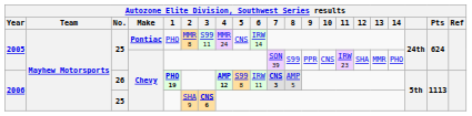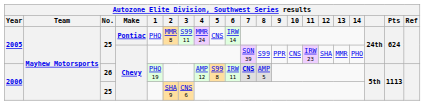 <table class="wikitable" style="text-align:center; font-size:75%">
 <tr>
 <th colspan=23><a href='#'>Autozone Elite Division, Southwest Series</a> results</th>
 </tr>
 <tr>
 <th>Year</th>
 <th>Team</th>
 <th>No.</th>
 <th>Make</th>
 <th>1</th>
 <th>2</th>
 <th>3</th>
 <th>4</th>
 <th>5</th>
 <th>6</th>
 <th>7</th>
 <th>8</th>
 <th>9</th>
 <th>10</th>
 <th>11</th>
 <th>12</th>
 <th>13</th>
 <th>14</th>
 <th></th>
 <th>Pts</th>
 <th>Ref</th>
 </tr>
 <tr>
 <th rowspan=2><a href='#'>2005</a></th>
 <th rowspan=4><a href='#'>Mayhew Motorsports</a></th>
 <th rowspan=2>25</th>
 <th><a href='#'>Pontiac</a></th>
 <td><a href='#'>PHO</a></td>
 <td style="background:#FFDF9F;"><a href='#'>MMR</a><br><small>8</small></td>
 <td style="background:#DFFFDF;"><a href='#'>S99</a><br><small>11</small></td>
 <td style="background:#EFCFFF;"><a href='#'>MMR</a><br><small>24</small></td>
 <td><a href='#'>CNS</a></td>
 <td style="background:#DFFFDF;"><a href='#'>IRW</a><br><small>14</small></td>
 <td colspan=8></td>
 <th rowspan=2>24th</th>
 <th rowspan=2>624</th>
 <th rowspan=2></th>
 </tr>
 <tr>
 <th rowspan=3><a href='#'>Chevy</a></th>
 <td colspan=6></td>
 <td style="background:#EFCFFF;"><a href='#'>SON</a><br><small>39</small></td>
 <td><a href='#'>S99</a></td>
 <td><a href='#'>PPR</a></td>
 <td><a href='#'>CNS</a></td>
 <td style="background:#EFCFFF;"><a href='#'>IRW</a><br><small>23</small></td>
 <td><a href='#'>SHA</a></td>
 <td><a href='#'>MMR</a></td>
 <td><a href='#'>PHO</a></td>
 </tr>
 <tr>
 <th rowspan=2><a href='#'>2006</a></th>
 <th>26</th>
-<td style="background:#DFFFDF;"><strong><a href='#'>PHO</a><br><small>19</small></strong></td>
+<td style="background:#DFFFDF;"><a href='#'>PHO</a><br><small>19</small></td>
 <td colspan=2></td>
-<td style="background:#DFFFDF;"><strong><a href='#'>AMP</a><br><small>12</small></strong></td>
+<td style="background:#DFFFDF;"><a href='#'>AMP</a><br><small>12</small></td>
 <td style="background:#FFDF9F;"><a href='#'>S99</a><br><small>8</small></td>
 <td style="background:#DFFFDF;"><a href='#'>IRW</a><br><small>11</small></td>
 <td style="background:#DFDFDF;"><strong><a href='#'>CNS</a><br><small>3</small></strong></td>
 <td style="background:#DFDFDF;"><a href='#'>AMP</a><br><small>5</small></td>
 <td colspan=6></td>
 <th rowspan=2>5th</th>
 <th rowspan=2>1113</th>
 <th rowspan=2></th>
 </tr>
 <tr>
 <th>25</th>
 <td></td>
 <td style="background:#FFDF9F;"><a href='#'>SHA</a><br><small>9</small></td>
-<td style="background:#FFDF9F;"><strong><a href='#'>CNS</a><br><small>6</small></strong></td>
+<td style="background:#FFDF9F;"><a href='#'>CNS</a><br><small>6</small></td>
 <td colspan=11></td>
 </tr>
 </table>
